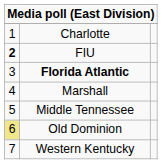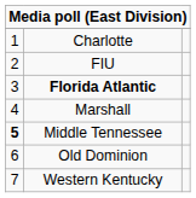 <table class="wikitable" style="display: inline-table;">
 <tr>
 <td align="center" Colspan="3"><strong>Media poll (East Division)</strong></td>
 </tr>
 <tr align="center">
 </tr>
 <tr align="center">
 <td>1</td>
 <td>Charlotte</td>
 <td></td>
 </tr>
 <tr align="center">
-<td><strong>2</strong></td>
+<td>2</td>
 <td>FIU</td>
 <td></td>
 </tr>
 <tr align="center">
 <td>3</td>
 <td><strong>Florida Atlantic</strong></td>
 <td></td>
 </tr>
 <tr align="center">
 <td>4</td>
 <td>Marshall</td>
 <td></td>
 </tr>
 <tr align="center">
-<td>5</td>
+<td><strong>5</strong></td>
 <td>Middle Tennessee</td>
 <td></td>
 </tr>
 <tr align="center">
-<td style="background: khaki;">6</td>
+<td>6</td>
 <td>Old Dominion</td>
 <td></td>
 </tr>
 <tr align="center">
 <td>7</td>
 <td>Western Kentucky</td>
 <td></td>
 </tr>
 </table>
